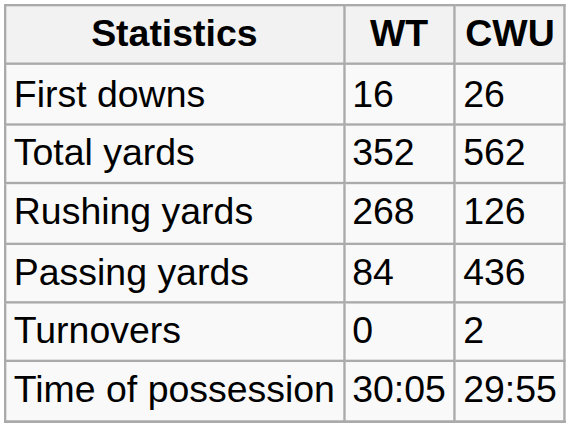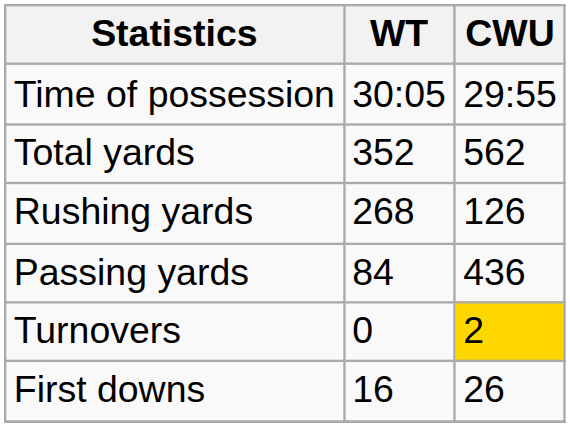 <table class="wikitable">
 <tr>
 <th>Statistics</th>
 <th>WT</th>
 <th>CWU</th>
 </tr>
 <tr>
-<td>First downs</td>
-<td>16</td>
-<td>26</td>
+<td>Time of possession</td>
+<td>30:05</td>
+<td>29:55</td>
 </tr>
 <tr>
 <td>Total yards</td>
 <td>352</td>
 <td>562</td>
 </tr>
 <tr>
 <td>Rushing yards</td>
 <td>268</td>
 <td>126</td>
 </tr>
 <tr>
 <td>Passing yards</td>
 <td>84</td>
 <td>436</td>
 </tr>
 <tr>
 <td>Turnovers</td>
 <td>0</td>
-<td>2</td>
+<td style="background: gold;">2</td>
 </tr>
 <tr>
-<td>Time of possession</td>
-<td>30:05</td>
-<td>29:55</td>
+<td>First downs</td>
+<td>16</td>
+<td>26</td>
 </tr>
 <tr>
 </tr>
 </table>
